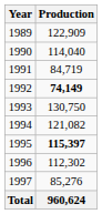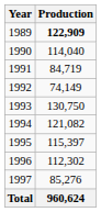 <table class="wikitable" style="text-align: center">
 <tr>
 <th>Year</th>
 <th>Production</th>
 </tr>
 <tr>
 <td>1989</td>
-<td>122,909</td>
+<td><strong>122,909</strong></td>
 </tr>
 <tr>
 <td>1990</td>
 <td>114,040</td>
 </tr>
 <tr>
 <td>1991</td>
 <td>84,719</td>
 </tr>
 <tr>
 <td>1992</td>
-<td><strong>74,149</strong></td>
+<td>74,149</td>
 </tr>
 <tr>
 <td>1993</td>
 <td>130,750</td>
 </tr>
 <tr>
 <td>1994</td>
 <td>121,082</td>
 </tr>
 <tr>
 <td>1995</td>
-<td><strong>115,397</strong></td>
+<td>115,397</td>
 </tr>
 <tr>
 <td>1996</td>
 <td>112,302</td>
 </tr>
 <tr>
 <td>1997</td>
 <td>85,276</td>
 </tr>
 <tr |->
 <th>Total</th>
 <th>960,624</th>
 </tr>
 </table>
